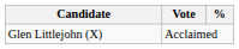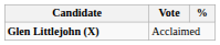 <table class="wikitable">
 <tr>
 <th bgcolor="#DDDDFF" width="200px">Candidate</th>
 <th bgcolor="#DDDDFF" width="50px">Vote</th>
 <th bgcolor="#DDDDFF" width="30px">%</th>
 </tr>
 <tr>
-<td>Glen Littlejohn (X)</td>
+<td><strong>Glen Littlejohn (X)</strong></td>
 <td colspan="2">Acclaimed</td>
 </tr>
 </table>
